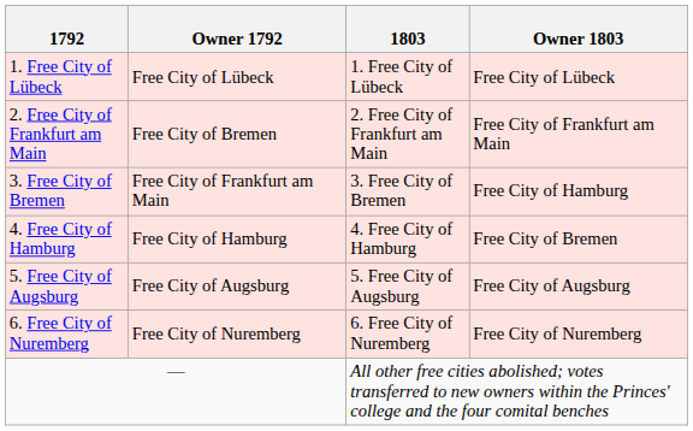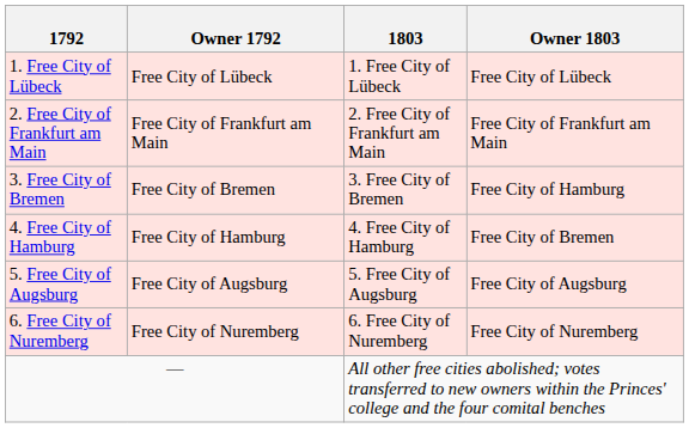 <table class="wikitable" style="width: 100%">
 <tr>
 <th width=18%><br>1792</th>
 <th width=32%><br>Owner 1792</th>
 <th width=18%><br>1803</th>
 <th width=32%><br>Owner 1803</th>
 </tr>
 <tr>
 <td style="background-color: #FFE3E0">1. <a href='#'>Free City of Lübeck</a></td>
 <td style="background-color: #FFE3E0">Free City of Lübeck</td>
 <td style="background-color: #FFE3E0">1. Free City of Lübeck</td>
 <td style="background-color: #FFE3E0">Free City of Lübeck</td>
 </tr>
 <tr>
 <td style="background-color: #FFE3E0">2. <a href='#'>Free City of Frankfurt am Main</a></td>
-<td style="background-color: #FFE3E0">Free City of Bremen</td>
+<td style="background-color: #FFE3E0">Free City of Frankfurt am Main</td>
 <td style="background-color: #FFE3E0">2. Free City of Frankfurt am Main</td>
 <td style="background-color: #FFE3E0">Free City of Frankfurt am Main</td>
 </tr>
 <tr>
 <td style="background-color: #FFE3E0">3. <a href='#'>Free City of Bremen</a></td>
-<td style="background-color: #FFE3E0">Free City of Frankfurt am Main</td>
+<td style="background-color: #FFE3E0">Free City of Bremen</td>
 <td style="background-color: #FFE3E0">3. Free City of Bremen</td>
 <td style="background-color: #FFE3E0">Free City of Hamburg</td>
 </tr>
 <tr>
 <td style="background-color: #FFE3E0">4. <a href='#'>Free City of Hamburg</a></td>
 <td style="background-color: #FFE3E0">Free City of Hamburg</td>
 <td style="background-color: #FFE3E0">4. Free City of Hamburg</td>
 <td style="background-color: #FFE3E0">Free City of Bremen</td>
 </tr>
 <tr>
 <td style="background-color: #FFE3E0">5. <a href='#'>Free City of Augsburg</a></td>
 <td style="background-color: #FFE3E0">Free City of Augsburg</td>
 <td style="background-color: #FFE3E0">5. Free City of Augsburg</td>
 <td style="background-color: #FFE3E0">Free City of Augsburg</td>
 </tr>
 <tr>
 <td style="background-color: #FFE3E0">6. <a href='#'>Free City of Nuremberg</a></td>
 <td style="background-color: #FFE3E0">Free City of Nuremberg</td>
 <td style="background-color: #FFE3E0">6. Free City of Nuremberg</td>
 <td style="background-color: #FFE3E0">Free City of Nuremberg</td>
 </tr>
 <tr style="vertical-align: top">
 <td colspan="2" align="center">—</td>
 <td colspan="2"><em>All other free cities abolished; votes transferred to new owners within the Princes' college and the four comital benches</em></td>
 </tr>
 </table>
